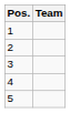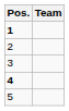 <table class="wikitable">
 <tr>
 <th>Pos.</th>
 <th>Team</th>
 </tr>
 <tr>
-<td>1</td>
+<td><strong>1</strong></td>
 <td></td>
 </tr>
 <tr>
 <td>2</td>
 <td></td>
 </tr>
 <tr>
 <td>3</td>
 <td></td>
 </tr>
 <tr>
-<td>4</td>
+<td><strong>4</strong></td>
 <td></td>
 </tr>
 <tr>
 <td>5</td>
 <td></td>
 </tr>
 </table>
